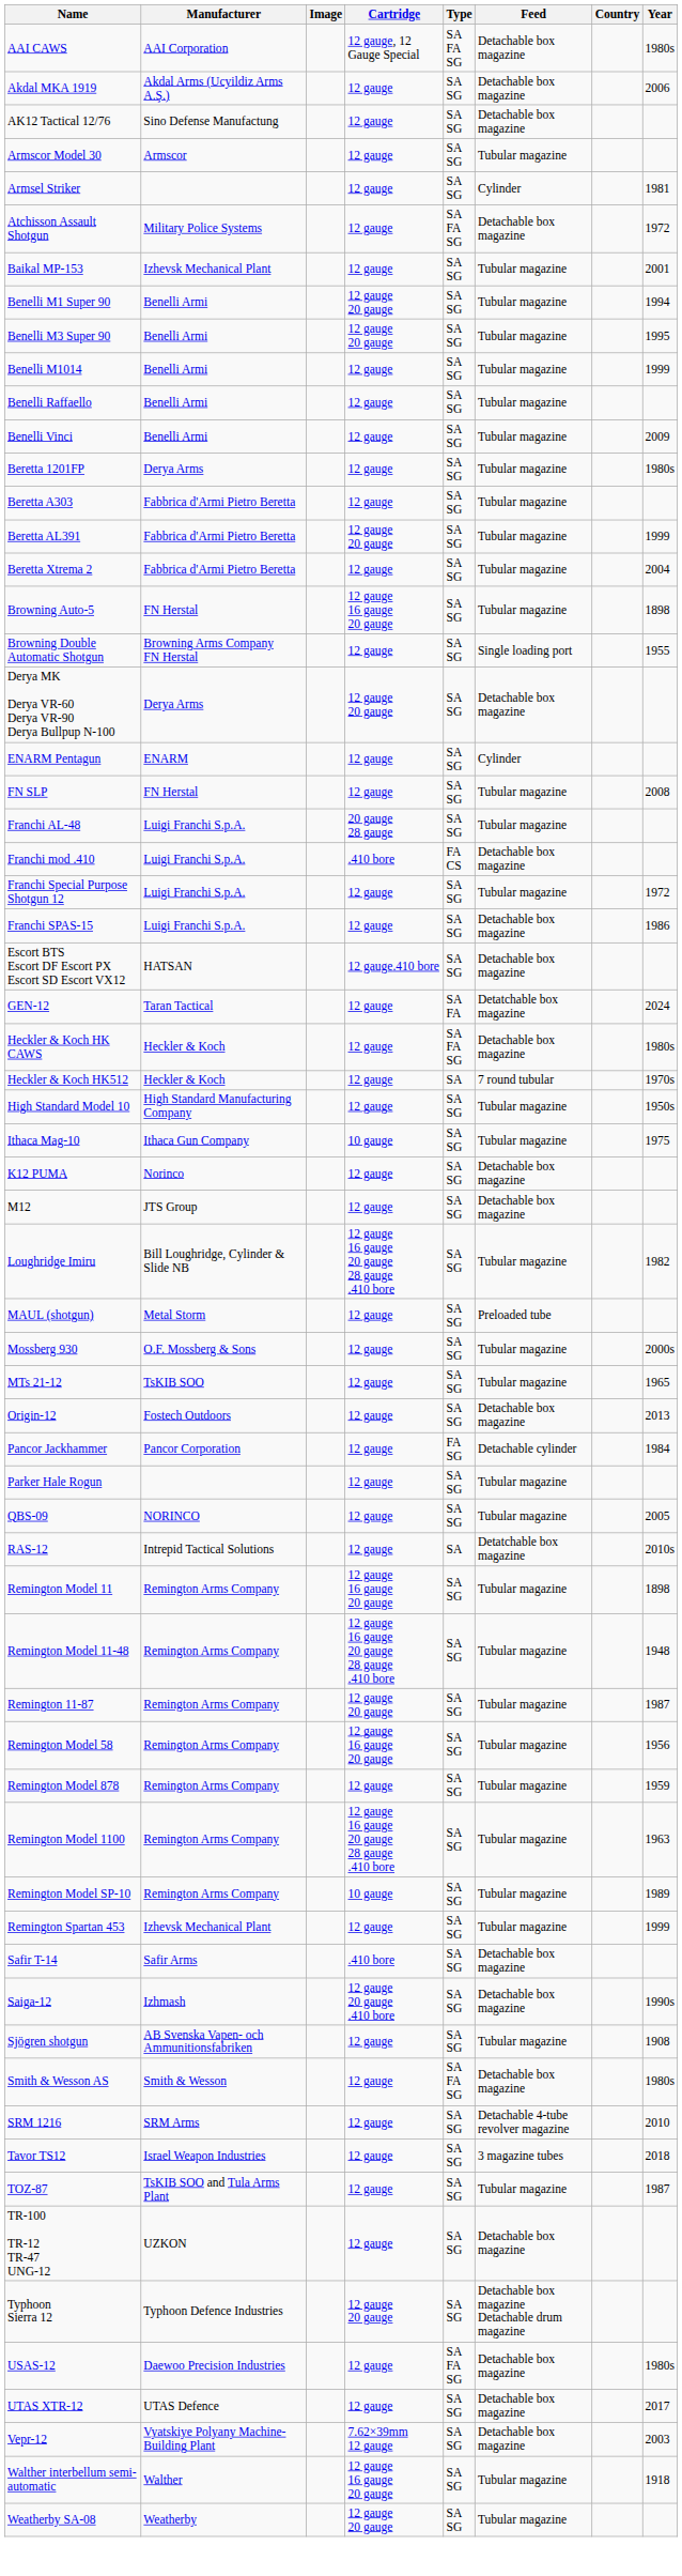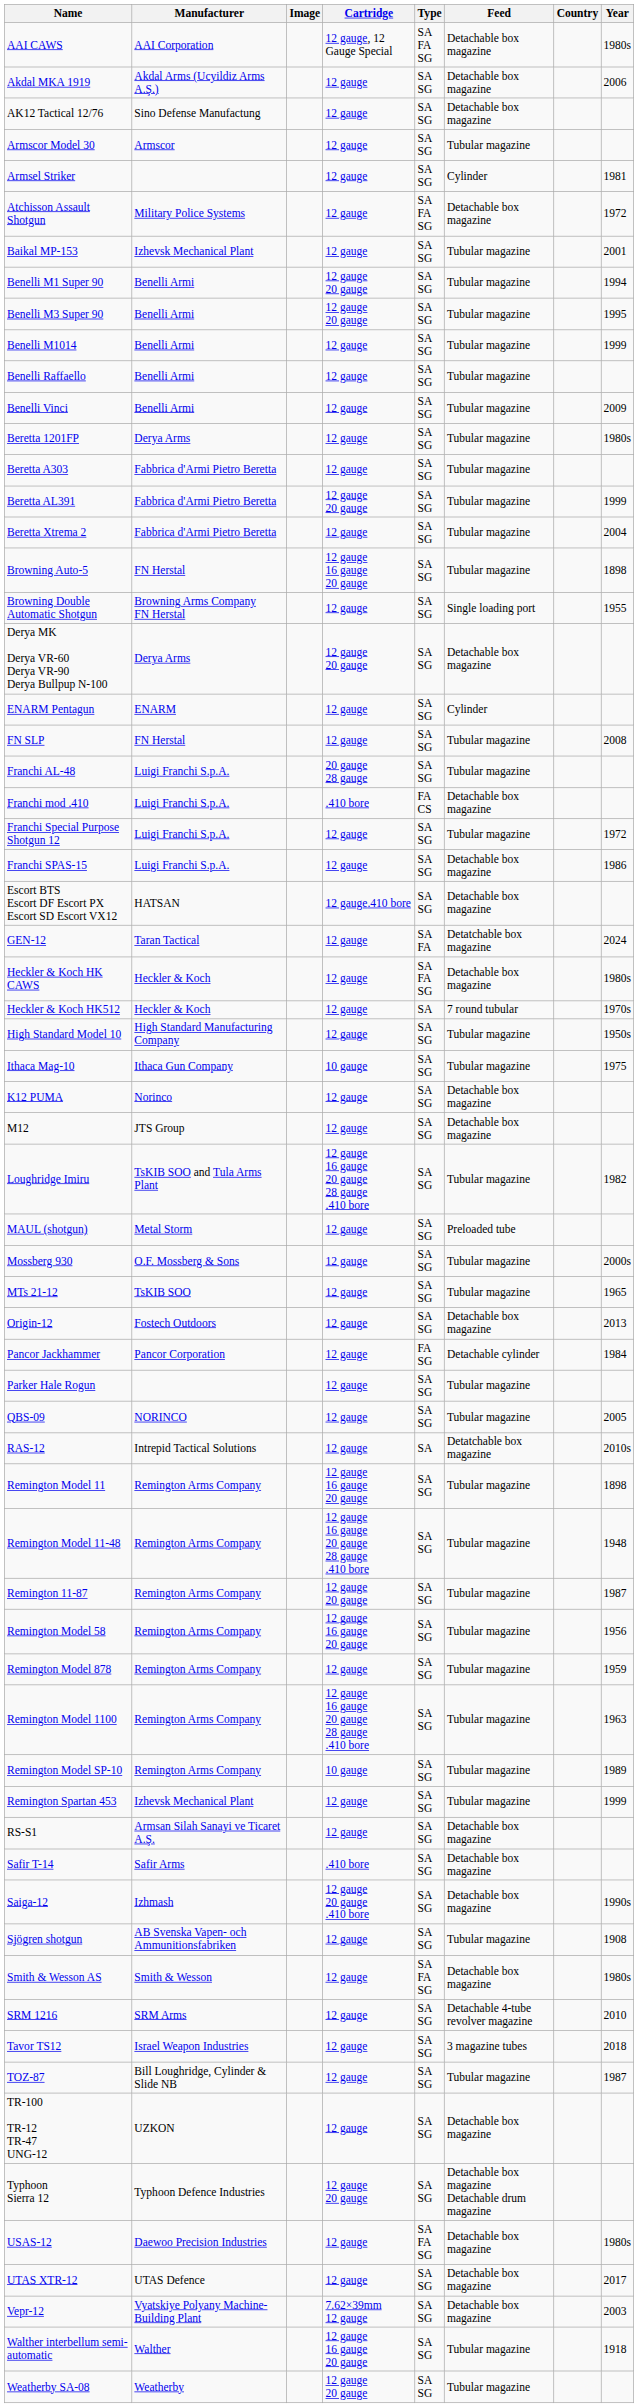 <table class="wikitable sortable sortable" style="width: 99%">
 <tr>
 <th>Name</th>
 <th>Manufacturer</th>
 <th class="unsortable">Image</th>
 <th><a href='#'>Cartridge</a></th>
 <th>Type</th>
 <th>Feed</th>
 <th>Country</th>
 <th>Year</th>
 </tr>
 <tr>
 <td><a href='#'>AAI CAWS</a></td>
 <td><a href='#'>AAI Corporation</a></td>
 <td></td>
 <td><a href='#'>12 gauge</a>, 12 Gauge Special</td>
 <td>SA<br>FA<br>SG</td>
 <td>Detachable box magazine</td>
 <td></td>
 <td>1980s</td>
 </tr>
 <tr>
 <td><a href='#'>Akdal MKA 1919</a></td>
 <td><a href='#'>Akdal Arms (Ucyildiz Arms A.Ş.)</a></td>
 <td></td>
 <td><a href='#'>12 gauge</a></td>
 <td>SA<br>SG</td>
 <td>Detachable box magazine</td>
 <td></td>
 <td>2006</td>
 </tr>
 <tr>
 <td>AK12 Tactical 12/76</td>
 <td>Sino Defense Manufactung</td>
 <td></td>
 <td><a href='#'>12 gauge</a></td>
 <td>SA<br>SG</td>
 <td>Detachable box magazine</td>
 <td></td>
 <td></td>
 </tr>
 <tr>
 <td><a href='#'>Armscor Model 30</a></td>
 <td><a href='#'>Armscor</a></td>
 <td></td>
 <td><a href='#'>12 gauge</a></td>
 <td>SA<br>SG</td>
 <td>Tubular magazine</td>
 <td></td>
 <td></td>
 </tr>
 <tr>
 <td><a href='#'>Armsel Striker</a></td>
 <td></td>
 <td></td>
 <td><a href='#'>12 gauge</a></td>
 <td>SA<br>SG</td>
 <td>Cylinder</td>
 <td></td>
 <td>1981</td>
 </tr>
 <tr>
 <td><a href='#'>Atchisson Assault Shotgun</a></td>
 <td><a href='#'>Military Police Systems</a></td>
 <td></td>
 <td><a href='#'>12 gauge</a></td>
 <td>SA<br>FA<br>SG</td>
 <td>Detachable box magazine</td>
 <td></td>
 <td>1972</td>
 </tr>
 <tr>
 <td><a href='#'>Baikal MP-153</a></td>
 <td><a href='#'>Izhevsk Mechanical Plant</a></td>
 <td></td>
 <td><a href='#'>12 gauge</a></td>
 <td>SA<br>SG</td>
 <td>Tubular magazine</td>
 <td></td>
 <td>2001</td>
 </tr>
 <tr>
 <td><a href='#'>Benelli M1 Super 90</a></td>
 <td><a href='#'>Benelli Armi</a></td>
 <td></td>
 <td><a href='#'>12 gauge</a><br><a href='#'>20 gauge</a></td>
 <td>SA<br>SG</td>
 <td>Tubular magazine</td>
 <td></td>
 <td>1994</td>
 </tr>
 <tr>
 <td><a href='#'>Benelli M3 Super 90</a></td>
 <td><a href='#'>Benelli Armi</a></td>
 <td></td>
 <td><a href='#'>12 gauge</a><br><a href='#'>20 gauge</a></td>
 <td>SA<br>SG</td>
 <td>Tubular magazine</td>
 <td></td>
 <td>1995</td>
 </tr>
 <tr>
 <td><a href='#'>Benelli M1014</a></td>
 <td><a href='#'>Benelli Armi</a></td>
 <td></td>
 <td><a href='#'>12 gauge</a></td>
 <td>SA<br>SG</td>
 <td>Tubular magazine</td>
 <td></td>
 <td>1999</td>
 </tr>
 <tr>
 <td><a href='#'>Benelli Raffaello</a></td>
 <td><a href='#'>Benelli Armi</a></td>
 <td></td>
 <td><a href='#'>12 gauge</a></td>
 <td>SA<br>SG</td>
 <td>Tubular magazine</td>
 <td></td>
 <td></td>
 </tr>
 <tr>
 <td><a href='#'>Benelli Vinci</a></td>
 <td><a href='#'>Benelli Armi</a></td>
 <td></td>
 <td><a href='#'>12 gauge</a></td>
 <td>SA<br>SG</td>
 <td>Tubular magazine</td>
 <td></td>
 <td>2009</td>
 </tr>
 <tr>
 <td><a href='#'>Beretta 1201FP</a></td>
 <td><a href='#'>Derya Arms</a></td>
 <td></td>
 <td><a href='#'>12 gauge</a></td>
 <td>SA<br>SG</td>
 <td>Tubular magazine</td>
 <td></td>
 <td>1980s</td>
 </tr>
 <tr>
 <td><a href='#'>Beretta A303</a></td>
 <td><a href='#'>Fabbrica d'Armi Pietro Beretta</a></td>
 <td></td>
 <td><a href='#'>12 gauge</a></td>
 <td>SA<br>SG</td>
 <td>Tubular magazine</td>
 <td></td>
 <td></td>
 </tr>
 <tr>
 <td><a href='#'>Beretta AL391</a></td>
 <td><a href='#'>Fabbrica d'Armi Pietro Beretta</a></td>
 <td></td>
 <td><a href='#'>12 gauge</a><br><a href='#'>20 gauge</a></td>
 <td>SA<br>SG</td>
 <td>Tubular magazine</td>
 <td></td>
 <td>1999</td>
 </tr>
 <tr>
 <td><a href='#'>Beretta Xtrema 2</a></td>
 <td><a href='#'>Fabbrica d'Armi Pietro Beretta</a></td>
 <td></td>
 <td><a href='#'>12 gauge</a></td>
 <td>SA<br>SG</td>
 <td>Tubular magazine</td>
 <td></td>
 <td>2004</td>
 </tr>
 <tr>
 <td><a href='#'>Browning Auto-5</a></td>
 <td><a href='#'>FN Herstal</a></td>
 <td></td>
 <td><a href='#'>12 gauge</a><br><a href='#'>16 gauge</a><br><a href='#'>20 gauge</a></td>
 <td>SA<br>SG</td>
 <td>Tubular magazine</td>
 <td><br></td>
 <td>1898</td>
 </tr>
 <tr>
 <td><a href='#'>Browning Double Automatic Shotgun</a></td>
 <td><a href='#'>Browning Arms Company</a><br><a href='#'>FN Herstal</a></td>
 <td></td>
 <td><a href='#'>12 gauge</a></td>
 <td>SA<br>SG</td>
 <td>Single loading port</td>
 <td></td>
 <td>1955</td>
 </tr>
 <tr>
 <td>Derya MK<br><br>Derya VR-60<br> Derya VR-90<br> Derya Bullpup N-100</td>
 <td><a href='#'>Derya Arms</a></td>
 <td></td>
 <td><a href='#'>12 gauge</a><br><a href='#'>20 gauge</a></td>
 <td>SA<br>SG</td>
 <td>Detachable box magazine</td>
 <td></td>
 <td></td>
 </tr>
 <tr>
 <td><a href='#'>ENARM Pentagun</a></td>
 <td><a href='#'>ENARM</a></td>
 <td></td>
 <td><a href='#'>12 gauge</a></td>
 <td>SA<br>SG</td>
 <td>Cylinder</td>
 <td></td>
 <td></td>
 </tr>
 <tr>
 <td><a href='#'>FN SLP</a></td>
 <td><a href='#'>FN Herstal</a></td>
 <td></td>
 <td><a href='#'>12 gauge</a></td>
 <td>SA<br>SG</td>
 <td>Tubular magazine</td>
 <td></td>
 <td>2008</td>
 </tr>
 <tr>
 <td><a href='#'>Franchi AL-48</a></td>
 <td><a href='#'>Luigi Franchi S.p.A.</a></td>
 <td></td>
 <td><a href='#'>20 gauge</a><br><a href='#'>28 gauge</a></td>
 <td>SA<br>SG</td>
 <td>Tubular magazine</td>
 <td></td>
 <td></td>
 </tr>
 <tr>
 <td><a href='#'>Franchi mod .410</a></td>
 <td><a href='#'>Luigi Franchi S.p.A.</a></td>
 <td></td>
 <td><a href='#'>.410 bore</a></td>
 <td>FA<br>CS</td>
 <td>Detachable box magazine</td>
 <td></td>
 <td></td>
 </tr>
 <tr>
 <td><a href='#'>Franchi Special Purpose Shotgun 12</a></td>
 <td><a href='#'>Luigi Franchi S.p.A.</a></td>
 <td></td>
 <td><a href='#'>12 gauge</a></td>
 <td>SA<br>SG</td>
 <td>Tubular magazine</td>
 <td></td>
 <td>1972</td>
 </tr>
 <tr>
 <td><a href='#'>Franchi SPAS-15</a></td>
 <td><a href='#'>Luigi Franchi S.p.A.</a></td>
 <td></td>
 <td><a href='#'>12 gauge</a></td>
 <td>SA<br>SG</td>
 <td>Detachable box magazine</td>
 <td></td>
 <td>1986</td>
 </tr>
 <tr>
 <td>Escort BTS<br>Escort DF Escort PX Escort SD Escort VX12</td>
 <td>HATSAN</td>
 <td></td>
 <td><a href='#'>12 gauge</a><a href='#'>.410 bore</a></td>
 <td>SA<br>SG</td>
 <td>Detachable box magazine</td>
 <td></td>
 <td></td>
 </tr>
 <tr>
 <td><a href='#'>GEN-12</a></td>
 <td><a href='#'>Taran Tactical</a></td>
 <td></td>
 <td><a href='#'>12 gauge</a></td>
 <td>SA<br>FA</td>
 <td>Detatchable box magazine</td>
 <td></td>
 <td>2024</td>
 </tr>
 <tr>
 <td><a href='#'>Heckler & Koch HK CAWS</a></td>
 <td><a href='#'>Heckler & Koch</a></td>
 <td></td>
 <td><a href='#'>12 gauge</a></td>
 <td>SA<br>FA<br>SG</td>
 <td>Detachable box magazine</td>
 <td></td>
 <td>1980s</td>
 </tr>
 <tr>
 <td><a href='#'>Heckler & Koch HK512</a></td>
 <td><a href='#'>Heckler & Koch</a></td>
 <td></td>
 <td><a href='#'>12 gauge</a></td>
 <td>SA</td>
 <td>7 round tubular</td>
 <td><br></td>
 <td>1970s</td>
 </tr>
 <tr>
 <td><a href='#'>High Standard Model 10</a></td>
 <td><a href='#'>High Standard Manufacturing Company</a></td>
 <td></td>
 <td><a href='#'>12 gauge</a></td>
 <td>SA<br>SG</td>
 <td>Tubular magazine</td>
 <td></td>
 <td>1950s</td>
 </tr>
 <tr>
 <td><a href='#'>Ithaca Mag-10</a></td>
 <td><a href='#'>Ithaca Gun Company</a></td>
 <td></td>
 <td><a href='#'>10 gauge</a></td>
 <td>SA<br>SG</td>
 <td>Tubular magazine</td>
 <td></td>
 <td>1975</td>
 </tr>
 <tr>
 <td><a href='#'>K12 PUMA</a></td>
 <td><a href='#'>Norinco</a></td>
 <td></td>
 <td><a href='#'>12 gauge</a></td>
 <td>SA<br>SG</td>
 <td>Detachable box magazine</td>
 <td></td>
 <td></td>
 </tr>
 <tr>
 <td>M12</td>
 <td>JTS Group</td>
 <td></td>
 <td><a href='#'>12 gauge</a></td>
 <td>SA<br>SG</td>
 <td>Detachable box magazine</td>
 <td></td>
 <td></td>
 </tr>
 <tr>
 <td><a href='#'>Loughridge Imiru</a></td>
-<td>Bill Loughridge, Cylinder & Slide NB</td>
+<td><a href='#'>TsKIB SOO</a> and <a href='#'>Tula Arms Plant</a></td>
 <td></td>
 <td><a href='#'>12 gauge</a><br><a href='#'>16 gauge</a><br><a href='#'>20 gauge</a><br><a href='#'>28 gauge</a><br><a href='#'>.410 bore</a></td>
 <td>SA<br>SG</td>
 <td>Tubular magazine</td>
 <td></td>
 <td>1982</td>
 </tr>
 <tr>
 <td><a href='#'>MAUL (shotgun)</a></td>
 <td><a href='#'>Metal Storm</a></td>
 <td></td>
 <td><a href='#'>12 gauge</a></td>
 <td>SA<br>SG</td>
 <td>Preloaded tube</td>
 <td></td>
 <td></td>
 </tr>
 <tr>
 <td><a href='#'>Mossberg 930</a></td>
 <td><a href='#'>O.F. Mossberg & Sons</a></td>
 <td></td>
 <td><a href='#'>12 gauge</a></td>
 <td>SA<br>SG</td>
 <td>Tubular magazine</td>
 <td></td>
 <td>2000s</td>
 </tr>
 <tr>
 <td><a href='#'>MTs 21-12</a></td>
 <td><a href='#'>TsKIB SOO</a></td>
 <td></td>
 <td><a href='#'>12 gauge</a></td>
 <td>SA<br>SG</td>
 <td>Tubular magazine</td>
 <td></td>
 <td>1965</td>
 </tr>
 <tr>
 <td><a href='#'>Origin-12</a></td>
 <td><a href='#'>Fostech Outdoors</a></td>
 <td></td>
 <td><a href='#'>12 gauge</a></td>
 <td>SA<br>SG</td>
 <td>Detachable box magazine</td>
 <td></td>
 <td>2013</td>
 </tr>
 <tr>
 <td><a href='#'>Pancor Jackhammer</a></td>
 <td><a href='#'>Pancor Corporation</a></td>
 <td></td>
 <td><a href='#'>12 gauge</a></td>
 <td>FA<br>SG</td>
 <td>Detachable cylinder</td>
 <td></td>
 <td>1984</td>
 </tr>
 <tr>
 <td><a href='#'>Parker Hale Rogun</a></td>
 <td></td>
 <td></td>
 <td><a href='#'>12 gauge</a></td>
 <td>SA<br>SG</td>
 <td>Tubular magazine</td>
 <td></td>
 <td></td>
 </tr>
 <tr>
 <td><a href='#'>QBS-09</a></td>
 <td><a href='#'>NORINCO</a></td>
 <td></td>
 <td><a href='#'>12 gauge</a></td>
 <td>SA<br>SG</td>
 <td>Tubular magazine</td>
 <td></td>
 <td>2005</td>
 </tr>
 <tr>
 <td><a href='#'>RAS-12</a></td>
 <td>Intrepid Tactical Solutions</td>
 <td></td>
 <td><a href='#'>12 gauge</a></td>
 <td>SA</td>
 <td>Detatchable box magazine</td>
 <td></td>
 <td>2010s</td>
 </tr>
 <tr>
 <td><a href='#'>Remington Model 11</a></td>
 <td><a href='#'>Remington Arms Company</a></td>
 <td></td>
 <td><a href='#'>12 gauge</a><br><a href='#'>16 gauge</a><br><a href='#'>20 gauge</a></td>
 <td>SA<br>SG</td>
 <td>Tubular magazine</td>
 <td></td>
 <td>1898</td>
 </tr>
 <tr>
 <td><a href='#'>Remington Model 11-48</a></td>
 <td><a href='#'>Remington Arms Company</a></td>
 <td></td>
 <td><a href='#'>12 gauge</a><br><a href='#'>16 gauge</a><br><a href='#'>20 gauge</a><br><a href='#'>28 gauge</a><br><a href='#'>.410 bore</a></td>
 <td>SA<br>SG</td>
 <td>Tubular magazine</td>
 <td></td>
 <td>1948</td>
 </tr>
 <tr>
 <td><a href='#'>Remington 11-87</a></td>
 <td><a href='#'>Remington Arms Company</a></td>
 <td></td>
 <td><a href='#'>12 gauge</a><br><a href='#'>20 gauge</a></td>
 <td>SA<br>SG</td>
 <td>Tubular magazine</td>
 <td></td>
 <td>1987</td>
 </tr>
 <tr>
 <td><a href='#'>Remington Model 58</a></td>
 <td><a href='#'>Remington Arms Company</a></td>
 <td></td>
 <td><a href='#'>12 gauge</a><br><a href='#'>16 gauge</a><br><a href='#'>20 gauge</a></td>
 <td>SA<br>SG</td>
 <td>Tubular magazine</td>
 <td></td>
 <td>1956</td>
 </tr>
 <tr>
 <td><a href='#'>Remington Model 878</a></td>
 <td><a href='#'>Remington Arms Company</a></td>
 <td></td>
 <td><a href='#'>12 gauge</a></td>
 <td>SA<br>SG</td>
 <td>Tubular magazine</td>
 <td></td>
 <td>1959</td>
 </tr>
 <tr>
 <td><a href='#'>Remington Model 1100</a></td>
 <td><a href='#'>Remington Arms Company</a></td>
 <td></td>
 <td><a href='#'>12 gauge</a><br><a href='#'>16 gauge</a><br><a href='#'>20 gauge</a><br><a href='#'>28 gauge</a><br><a href='#'>.410 bore</a></td>
 <td>SA<br>SG</td>
 <td>Tubular magazine</td>
 <td></td>
 <td>1963</td>
 </tr>
 <tr>
 <td><a href='#'>Remington Model SP-10</a></td>
 <td><a href='#'>Remington Arms Company</a></td>
 <td></td>
 <td><a href='#'>10 gauge</a></td>
 <td>SA<br>SG</td>
 <td>Tubular magazine</td>
 <td></td>
 <td>1989</td>
 </tr>
 <tr>
 <td><a href='#'>Remington Spartan 453</a></td>
 <td><a href='#'>Izhevsk Mechanical Plant</a></td>
 <td></td>
 <td><a href='#'>12 gauge</a></td>
 <td>SA<br>SG</td>
 <td>Tubular magazine</td>
 <td></td>
 <td>1999</td>
 </tr>
 <tr>
+<td>RS-S1</td>
+<td><a href='#'>Armsan Silah Sanayi ve Ticaret A.Ş.</a></td>
+<td></td>
+<td><a href='#'>12 gauge</a></td>
+<td>SA<br>SG</td>
+<td>Detachable box magazine</td>
+<td></td>
+<td></td>
+</tr>
+<tr>
 <td><a href='#'>Safir T-14</a></td>
 <td><a href='#'>Safir Arms</a></td>
 <td></td>
 <td><a href='#'>.410 bore</a></td>
 <td>SA<br>SG</td>
 <td>Detachable box magazine</td>
 <td></td>
 <td></td>
 </tr>
 <tr>
 <td><a href='#'>Saiga-12</a></td>
 <td><a href='#'>Izhmash</a></td>
 <td></td>
 <td><a href='#'>12 gauge</a><br><a href='#'>20 gauge</a><br><a href='#'>.410 bore</a></td>
 <td>SA<br>SG</td>
 <td>Detachable box magazine</td>
 <td></td>
 <td>1990s</td>
 </tr>
 <tr>
 <td><a href='#'>Sjögren shotgun</a></td>
 <td><a href='#'>AB Svenska Vapen- och Ammunitionsfabriken</a></td>
 <td></td>
 <td><a href='#'>12 gauge</a></td>
 <td>SA<br>SG</td>
 <td>Tubular magazine</td>
 <td></td>
 <td>1908</td>
 </tr>
 <tr>
 <td><a href='#'>Smith & Wesson AS</a></td>
 <td><a href='#'>Smith & Wesson</a></td>
 <td></td>
 <td><a href='#'>12 gauge</a></td>
 <td>SA<br>FA<br>SG</td>
 <td>Detachable box magazine</td>
 <td></td>
 <td>1980s</td>
 </tr>
 <tr>
 <td><a href='#'>SRM 1216</a></td>
 <td><a href='#'>SRM Arms</a></td>
 <td></td>
 <td><a href='#'>12 gauge</a></td>
 <td>SA<br>SG</td>
 <td>Detachable 4-tube revolver magazine</td>
 <td></td>
 <td>2010</td>
 </tr>
 <tr>
 <td><a href='#'>Tavor TS12</a></td>
 <td><a href='#'>Israel Weapon Industries</a></td>
 <td></td>
 <td><a href='#'>12 gauge</a></td>
 <td>SA<br>SG</td>
 <td>3 magazine tubes</td>
 <td></td>
 <td>2018</td>
 </tr>
 <tr>
 <td><a href='#'>TOZ-87</a></td>
-<td><a href='#'>TsKIB SOO</a> and <a href='#'>Tula Arms Plant</a></td>
+<td>Bill Loughridge, Cylinder & Slide NB</td>
 <td></td>
 <td><a href='#'>12 gauge</a></td>
 <td>SA<br>SG</td>
 <td>Tubular magazine</td>
 <td></td>
 <td>1987</td>
 </tr>
 <tr>
 <td>TR-100<br><br>TR-12<br> TR-47<br> UNG-12</td>
 <td>UZKON</td>
 <td></td>
 <td><a href='#'>12 gauge</a></td>
 <td>SA<br>SG</td>
 <td>Detachable box magazine</td>
 <td></td>
 <td></td>
 </tr>
 <tr>
 <td>Typhoon<br>Sierra 12</td>
 <td>Typhoon Defence Industries</td>
 <td></td>
 <td><a href='#'>12 gauge</a><br><a href='#'>20 gauge</a></td>
 <td>SA<br>SG</td>
 <td>Detachable box magazine<br>Detachable drum magazine</td>
 <td></td>
 <td></td>
 </tr>
 <tr>
 <td><a href='#'>USAS-12</a></td>
 <td><a href='#'>Daewoo Precision Industries</a></td>
 <td></td>
 <td><a href='#'>12 gauge</a></td>
 <td>SA<br>FA<br>SG</td>
 <td>Detachable box magazine</td>
 <td></td>
 <td>1980s</td>
 </tr>
 <tr>
 <td><a href='#'>UTAS XTR-12</a></td>
 <td>UTAS Defence</td>
 <td></td>
 <td><a href='#'>12 gauge</a></td>
 <td>SA<br>SG</td>
 <td>Detachable box magazine</td>
 <td></td>
 <td>2017</td>
 </tr>
 <tr>
 <td><a href='#'>Vepr-12</a></td>
 <td><a href='#'>Vyatskiye Polyany Machine-Building Plant</a></td>
 <td></td>
 <td><a href='#'>7.62×39mm</a><br><a href='#'>12 gauge</a></td>
 <td>SA<br>SG</td>
 <td>Detachable box magazine</td>
 <td></td>
 <td>2003</td>
 </tr>
 <tr>
 <td><a href='#'>Walther interbellum semi-automatic</a></td>
 <td><a href='#'>Walther</a></td>
 <td></td>
 <td><a href='#'>12 gauge</a><br><a href='#'>16 gauge</a><br><a href='#'>20 gauge</a></td>
 <td>SA<br>SG</td>
 <td>Tubular magazine</td>
 <td></td>
 <td>1918</td>
 </tr>
 <tr>
 <td><a href='#'>Weatherby SA-08</a></td>
 <td><a href='#'>Weatherby</a></td>
 <td></td>
 <td><a href='#'>12 gauge</a><br><a href='#'>20 gauge</a></td>
 <td>SA<br>SG</td>
 <td>Tubular magazine</td>
 <td></td>
 <td></td>
 </tr>
 </table>
